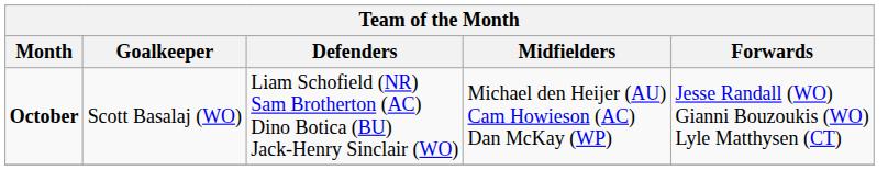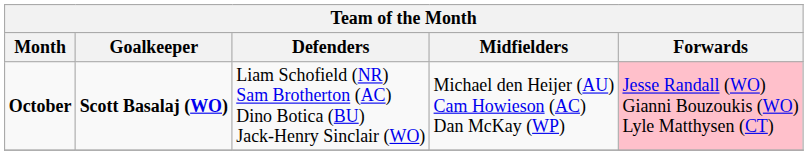 <table class="wikitable collapsible collapsed">
 <tr>
 <th colspan="7">Team of the Month</th>
 </tr>
 <tr>
 <th>Month</th>
 <th>Goalkeeper</th>
 <th>Defenders</th>
 <th>Midfielders</th>
 <th>Forwards</th>
 </tr>
 <tr>
 <td style="text-align: center;"><strong>October</strong><br></td>
-<td> Scott Basalaj (<a href='#'>WO</a>)</td>
+<td><strong> Scott Basalaj (<a href='#'>WO</a>)</strong></td>
 <td> Liam Schofield (<a href='#'>NR</a>)<br> <a href='#'>Sam Brotherton</a> (<a href='#'>AC</a>)<br> Dino Botica (<a href='#'>BU</a>)<br> Jack-Henry Sinclair (<a href='#'>WO</a>)</td>
 <td>  Michael den Heijer (<a href='#'>AU</a>)<br> <a href='#'>Cam Howieson</a> (<a href='#'>AC</a>)<br> Dan McKay (<a href='#'>WP</a>)</td>
-<td> <a href='#'>Jesse Randall</a> (<a href='#'>WO</a>)<br> Gianni Bouzoukis (<a href='#'>WO</a>)<br> Lyle Matthysen (<a href='#'>CT</a>)</td>
+<td style="background: pink;"> <a href='#'>Jesse Randall</a> (<a href='#'>WO</a>)<br> Gianni Bouzoukis (<a href='#'>WO</a>)<br> Lyle Matthysen (<a href='#'>CT</a>)</td>
 </tr>
 <tr>
 </tr>
 </table>
